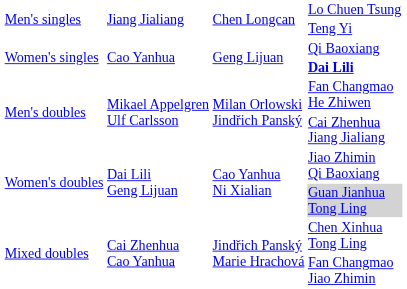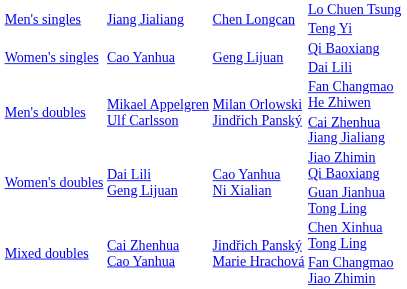 <table>
 <tr>
 <td rowspan=2><a href='#'>Men's singles</a></td>
 <td rowspan=2> <a href='#'>Jiang Jialiang</a></td>
 <td rowspan=2> <a href='#'>Chen Longcan</a></td>
 <td> <a href='#'>Lo Chuen Tsung</a></td>
 </tr>
 <tr>
 <td> <a href='#'>Teng Yi</a></td>
 </tr>
 <tr>
 <td rowspan=2><a href='#'>Women's singles</a></td>
 <td rowspan=2> <a href='#'>Cao Yanhua</a></td>
 <td rowspan=2> <a href='#'>Geng Lijuan</a></td>
 <td> <a href='#'>Qi Baoxiang</a></td>
 </tr>
 <tr>
-<td><strong> <a href='#'>Dai Lili</a></strong></td>
+<td> <a href='#'>Dai Lili</a></td>
 </tr>
 <tr>
 <td rowspan=2><a href='#'>Men's doubles</a></td>
 <td rowspan=2> <a href='#'>Mikael Appelgren</a><br> <a href='#'>Ulf Carlsson</a></td>
 <td rowspan=2> <a href='#'>Milan Orlowski</a><br> <a href='#'>Jindřich Panský</a></td>
 <td> <a href='#'>Fan Changmao</a><br> <a href='#'>He Zhiwen</a></td>
 </tr>
 <tr>
 <td> <a href='#'>Cai Zhenhua</a><br> <a href='#'>Jiang Jialiang</a></td>
 </tr>
 <tr>
 <td rowspan=2><a href='#'>Women's doubles</a></td>
 <td rowspan=2> <a href='#'>Dai Lili</a><br> <a href='#'>Geng Lijuan</a></td>
 <td rowspan=2> <a href='#'>Cao Yanhua</a><br> <a href='#'>Ni Xialian</a></td>
 <td> <a href='#'>Jiao Zhimin</a><br> <a href='#'>Qi Baoxiang</a></td>
 </tr>
 <tr>
-<td style="background: lightgrey;"> <a href='#'>Guan Jianhua</a><br> <a href='#'>Tong Ling</a></td>
+<td> <a href='#'>Guan Jianhua</a><br> <a href='#'>Tong Ling</a></td>
 </tr>
 <tr>
 <td rowspan=2><a href='#'>Mixed doubles</a></td>
 <td rowspan=2> <a href='#'>Cai Zhenhua</a><br> <a href='#'>Cao Yanhua</a></td>
 <td rowspan=2> <a href='#'>Jindřich Panský</a><br> <a href='#'>Marie Hrachová</a></td>
 <td> <a href='#'>Chen Xinhua</a><br> <a href='#'>Tong Ling</a></td>
 </tr>
 <tr>
 <td> <a href='#'>Fan Changmao</a><br> <a href='#'>Jiao Zhimin</a></td>
 </tr>
 </table>
